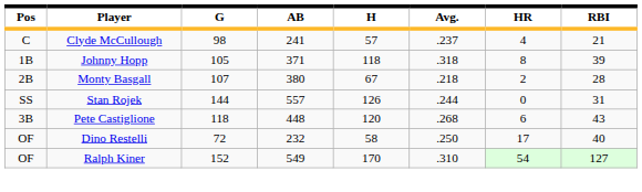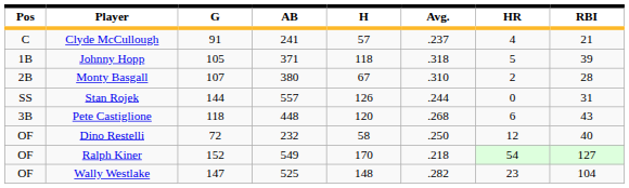 <table class="wikitable sortable">
 <tr>
 <th style="background:#FFFFFF; border-top:#000000 5px solid; border-bottom:#FDB827 5px solid;" width="5%">Pos</th>
 <th style="background:#FFFFFF; border-top:#000000 5px solid; border-bottom:#FDB827 5px solid;" width="16%">Player</th>
 <th style="background:#FFFFFF; border-top:#000000 5px solid; border-bottom:#FDB827 5px solid;" width="9%">G</th>
 <th style="background:#FFFFFF; border-top:#000000 5px solid; border-bottom:#FDB827 5px solid;" width="9%">AB</th>
 <th style="background:#FFFFFF; border-top:#000000 5px solid; border-bottom:#FDB827 5px solid;" width="9%">H</th>
 <th style="background:#FFFFFF; border-top:#000000 5px solid; border-bottom:#FDB827 5px solid;" width="9%">Avg.</th>
 <th style="background:#FFFFFF; border-top:#000000 5px solid; border-bottom:#FDB827 5px solid;" width="9%">HR</th>
 <th style="background:#FFFFFF; border-top:#000000 5px solid; border-bottom:#FDB827 5px solid;" width="9%">RBI</th>
 </tr>
 <tr align="center">
 <td>C</td>
 <td><a href='#'>Clyde McCullough</a></td>
-<td>98</td>
+<td>91</td>
 <td>241</td>
 <td>57</td>
 <td>.237</td>
 <td>4</td>
 <td>21</td>
 </tr>
 <tr align=center>
 <td>1B</td>
 <td><a href='#'>Johnny Hopp</a></td>
 <td>105</td>
 <td>371</td>
 <td>118</td>
 <td>.318</td>
-<td>8</td>
+<td>5</td>
 <td>39</td>
 </tr>
 <tr align=center>
 <td>2B</td>
 <td><a href='#'>Monty Basgall</a></td>
 <td>107</td>
 <td>380</td>
 <td>67</td>
-<td>.218</td>
+<td>.310</td>
 <td>2</td>
 <td>28</td>
 </tr>
 <tr align=center>
 <td>SS</td>
 <td><a href='#'>Stan Rojek</a></td>
 <td>144</td>
 <td>557</td>
 <td>126</td>
 <td>.244</td>
 <td>0</td>
 <td>31</td>
 </tr>
 <tr align=center>
 <td>3B</td>
 <td><a href='#'>Pete Castiglione</a></td>
 <td>118</td>
 <td>448</td>
 <td>120</td>
 <td>.268</td>
 <td>6</td>
 <td>43</td>
 </tr>
 <tr align=center>
 <td>OF</td>
 <td><a href='#'>Dino Restelli</a></td>
 <td>72</td>
 <td>232</td>
 <td>58</td>
 <td>.250</td>
-<td>17</td>
+<td>12</td>
 <td>40</td>
 </tr>
 <tr align=center>
 <td>OF</td>
 <td><a href='#'>Ralph Kiner</a></td>
 <td>152</td>
 <td>549</td>
 <td>170</td>
-<td>.310</td>
+<td>.218</td>
 <td style="background:#DDFFDD;">54</td>
 <td style="background:#DDFFDD;">127</td>
 </tr>
+<tr align=center>
+<td>OF</td>
+<td><a href='#'>Wally Westlake</a></td>
+<td>147</td>
+<td>525</td>
+<td>148</td>
+<td>.282</td>
+<td>23</td>
+<td>104</td>
+</tr>
 </table>
